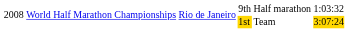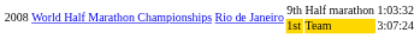 <table>
 <tr>
 <td rowspan=2>2008</td>
 <td rowspan=2><a href='#'>World Half Marathon Championships</a></td>
 <td rowspan=2><a href='#'>Rio de Janeiro</a></td>
 <td>9th</td>
 <td>Half marathon</td>
 <td>1:03:32</td>
 </tr>
 <tr>
 <td bgcolor=gold>1st</td>
-<td>Team</td>
-<td style="background: gold;">3:07:24</td>
+<td style="background: gold;">Team</td>
+<td>3:07:24</td>
 </tr>
 </table>
